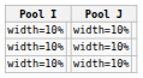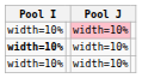 <table class="wikitable">
 <tr>
 <th width=50% colspan=2>Pool I</th>
 <th width=50% colspan=2>Pool J</th>
 </tr>
 <tr>
 <td>width=10% </td>
 <td></td>
-<td>width=10% </td>
+<td style="background: pink;">width=10% </td>
 <td></td>
 </tr>
 <tr>
-<td>width=10% </td>
+<td><strong>width=10% </strong></td>
 <td></td>
 <td>width=10% </td>
 <td></td>
 </tr>
 <tr>
 <td>width=10% </td>
 <td></td>
 <td>width=10% </td>
 <td></td>
 </tr>
 </table>
